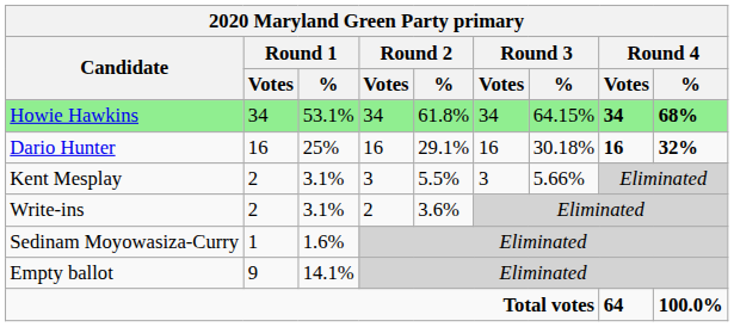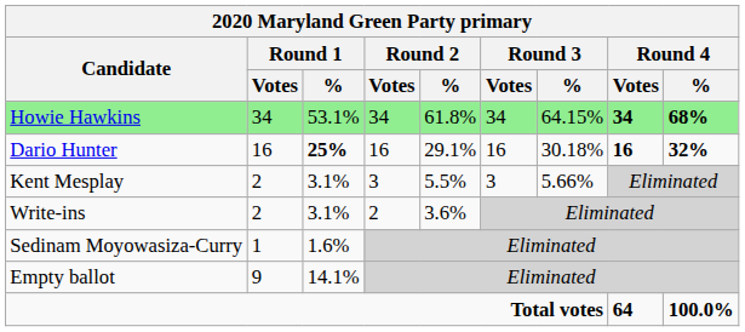 <table class="wikitable">
 <tr>
 <th colspan="16">2020 Maryland Green Party primary</th>
 </tr>
 <tr>
 <th colspan="1" rowspan="2">Candidate</th>
 <th colspan="2">Round 1</th>
 <th colspan="2">Round 2</th>
 <th colspan="2">Round 3</th>
 <th colspan="2">Round 4</th>
 </tr>
 <tr>
 <th>Votes</th>
 <th>%</th>
 <th>Votes</th>
 <th>%</th>
 <th>Votes</th>
 <th>%</th>
 <th>Votes</th>
 <th>%</th>
 </tr>
 <tr style="background:lightgreen;">
 <td><a href='#'>Howie Hawkins</a></td>
 <td>34</td>
 <td>53.1%</td>
 <td>34</td>
 <td>61.8%</td>
 <td>34</td>
 <td>64.15%</td>
 <td><strong>34</strong></td>
 <td><strong>68%</strong></td>
 </tr>
 <tr>
 <td><a href='#'>Dario Hunter</a></td>
 <td>16</td>
-<td>25%</td>
+<td><strong>25%</strong></td>
 <td>16</td>
 <td>29.1%</td>
 <td>16</td>
 <td>30.18%</td>
 <td><strong>16</strong></td>
 <td><strong>32%</strong></td>
 </tr>
 <tr>
 <td>Kent Mesplay</td>
 <td>2</td>
 <td>3.1%</td>
 <td>3</td>
 <td>5.5%</td>
 <td>3</td>
 <td>5.66%</td>
 <td colspan=2 bgcolor=lightgray align=center><em>Eliminated</em></td>
 </tr>
 <tr>
 <td>Write-ins</td>
 <td>2</td>
 <td>3.1%</td>
 <td>2</td>
 <td>3.6%</td>
 <td colspan="4" bgcolor="lightgray" align="center"><em>Eliminated</em></td>
 </tr>
 <tr>
 <td>Sedinam Moyowasiza-Curry</td>
 <td>1</td>
 <td>1.6%</td>
 <td colspan="8" bgcolor="lightgray" align="center"><em>Eliminated</em></td>
 </tr>
 <tr>
 <td>Empty ballot</td>
 <td>9</td>
 <td>14.1%</td>
 <td colspan="8" bgcolor="lightgray" align="center"><em>Eliminated</em></td>
 </tr>
 <tr>
 <td colspan="7" align="right"><strong>Total votes</strong></td>
 <td><strong>64</strong></td>
 <td><strong>100.0%</strong></td>
 </tr>
 </table>
